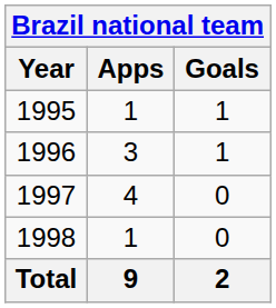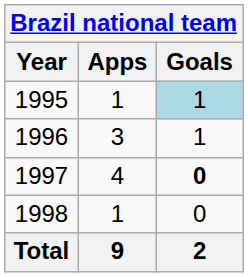 <table class="wikitable" style="text-align:center">
 <tr>
 <th colspan=3><a href='#'>Brazil national team</a></th>
 </tr>
 <tr>
 <th>Year</th>
 <th>Apps</th>
 <th>Goals</th>
 </tr>
 <tr>
 <td>1995</td>
 <td>1</td>
-<td>1</td>
+<td style="background: lightblue;">1</td>
 </tr>
 <tr>
 <td>1996</td>
 <td>3</td>
 <td>1</td>
 </tr>
 <tr>
 <td>1997</td>
 <td>4</td>
-<td>0</td>
+<td><strong>0</strong></td>
 </tr>
 <tr>
 <td>1998</td>
 <td>1</td>
 <td>0</td>
 </tr>
 <tr>
 <th>Total</th>
 <th>9</th>
 <th>2</th>
 </tr>
 </table>
